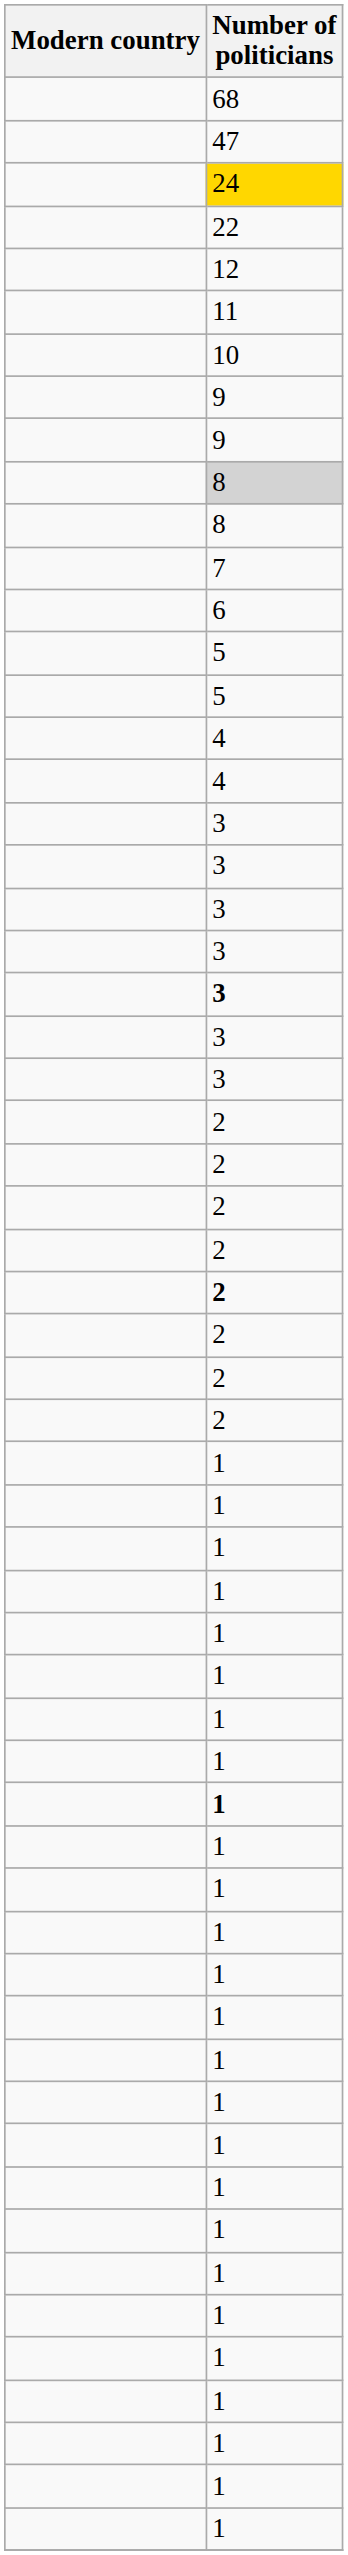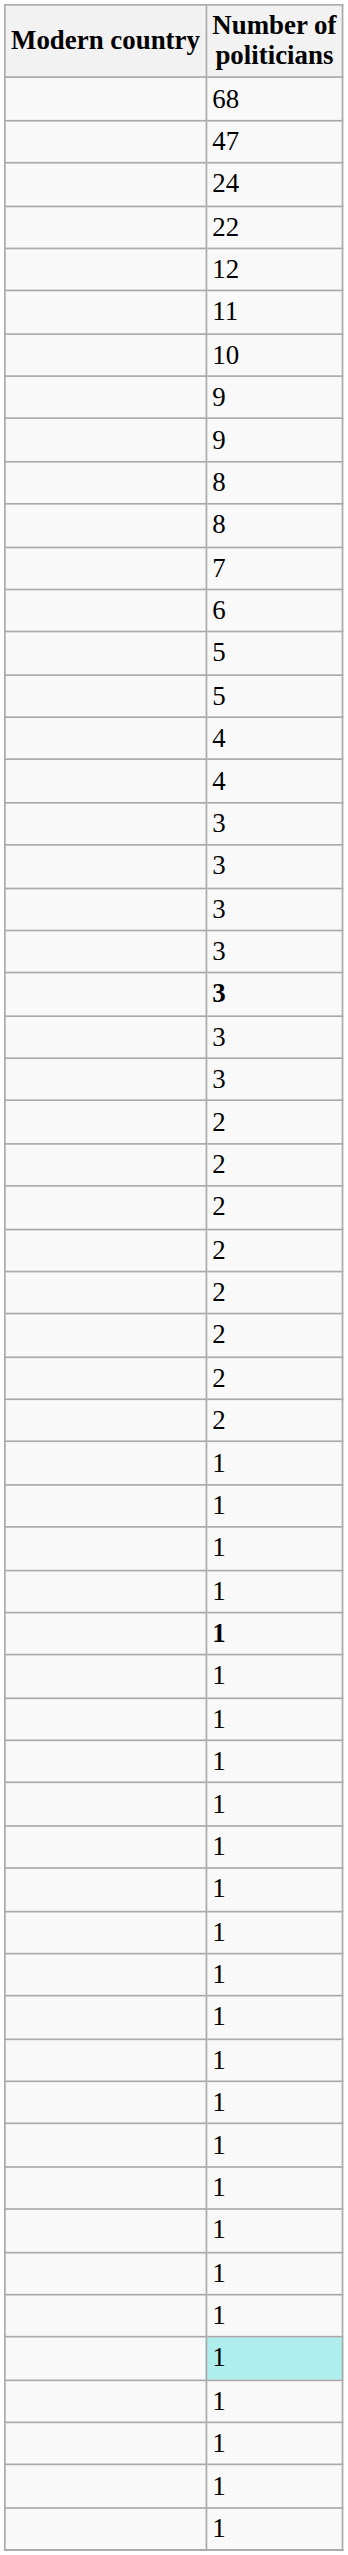 <table class="wikitable">
 <tr>
 <th>Modern country</th>
 <th>Number of<br>politicians</th>
 </tr>
 <tr>
 <td></td>
 <td>68</td>
 </tr>
 <tr>
 <td></td>
 <td>47</td>
 </tr>
 <tr>
 <td></td>
-<td style="background: gold;">24</td>
+<td>24</td>
 </tr>
 <tr>
 <td></td>
 <td>22</td>
 </tr>
 <tr>
 <td></td>
 <td>12</td>
 </tr>
 <tr>
 <td></td>
 <td>11</td>
 </tr>
 <tr>
 <td></td>
 <td>10</td>
 </tr>
 <tr>
 <td></td>
 <td>9</td>
 </tr>
 <tr>
 <td></td>
 <td>9</td>
 </tr>
 <tr>
 <td></td>
-<td style="background: lightgrey;">8</td>
+<td>8</td>
 </tr>
 <tr>
 <td></td>
 <td>8</td>
 </tr>
 <tr>
 <td></td>
 <td>7</td>
 </tr>
 <tr>
 <td></td>
 <td>6</td>
 </tr>
 <tr>
 <td></td>
 <td>5</td>
 </tr>
 <tr>
 <td></td>
 <td>5</td>
 </tr>
 <tr>
 <td></td>
 <td>4</td>
 </tr>
 <tr>
 <td></td>
 <td>4</td>
 </tr>
 <tr>
 <td></td>
 <td>3</td>
 </tr>
 <tr>
 <td></td>
 <td>3</td>
 </tr>
 <tr>
 <td></td>
 <td>3</td>
 </tr>
 <tr>
 <td></td>
 <td>3</td>
 </tr>
 <tr>
 <td></td>
 <td><strong>3</strong></td>
 </tr>
 <tr>
 <td></td>
 <td>3</td>
 </tr>
 <tr>
 <td></td>
 <td>3</td>
 </tr>
 <tr>
 <td></td>
 <td>2</td>
 </tr>
 <tr>
 <td></td>
 <td>2</td>
 </tr>
 <tr>
 <td></td>
 <td>2</td>
 </tr>
 <tr>
 <td></td>
 <td>2</td>
 </tr>
 <tr>
 <td></td>
-<td><strong>2</strong></td>
+<td>2</td>
 </tr>
 <tr>
 <td></td>
 <td>2</td>
 </tr>
 <tr>
 <td></td>
 <td>2</td>
 </tr>
 <tr>
 <td></td>
 <td>2</td>
-</tr>
-<tr>
-<td></td>
-<td>1</td>
-</tr>
-<tr>
-<td></td>
-<td>1</td>
-</tr>
-<tr>
-<td></td>
-<td>1</td>
-</tr>
-<tr>
-<td></td>
-<td>1</td>
 </tr>
 <tr>
 <td></td>
 <td>1</td>
 </tr>
 <tr>
 <td></td>
 <td>1</td>
 </tr>
 <tr>
 <td></td>
 <td>1</td>
 </tr>
 <tr>
 <td></td>
 <td>1</td>
 </tr>
 <tr>
 <td></td>
 <td><strong>1</strong></td>
 </tr>
 <tr>
 <td></td>
 <td>1</td>
 </tr>
 <tr>
 <td></td>
 <td>1</td>
 </tr>
 <tr>
 <td></td>
 <td>1</td>
 </tr>
 <tr>
 <td></td>
 <td>1</td>
 </tr>
 <tr>
 <td></td>
 <td>1</td>
 </tr>
 <tr>
 <td></td>
 <td>1</td>
 </tr>
 <tr>
 <td></td>
 <td>1</td>
 </tr>
 <tr>
 <td></td>
 <td>1</td>
 </tr>
 <tr>
 <td></td>
 <td>1</td>
 </tr>
 <tr>
 <td></td>
 <td>1</td>
 </tr>
 <tr>
 <td></td>
 <td>1</td>
 </tr>
 <tr>
 <td></td>
 <td>1</td>
 </tr>
 <tr>
 <td></td>
 <td>1</td>
 </tr>
 <tr>
 <td></td>
 <td>1</td>
 </tr>
 <tr>
 <td></td>
 <td>1</td>
 </tr>
 <tr>
 <td></td>
 <td>1</td>
 </tr>
 <tr>
 <td></td>
+<td style="background: paleturquoise;">1</td>
+</tr>
+<tr>
+<td></td>
+<td>1</td>
+</tr>
+<tr>
+<td></td>
+<td>1</td>
+</tr>
+<tr>
+<td></td>
+<td>1</td>
+</tr>
+<tr>
+<td></td>
 <td>1</td>
 </tr>
 <tr>
 </tr>
 </table>
